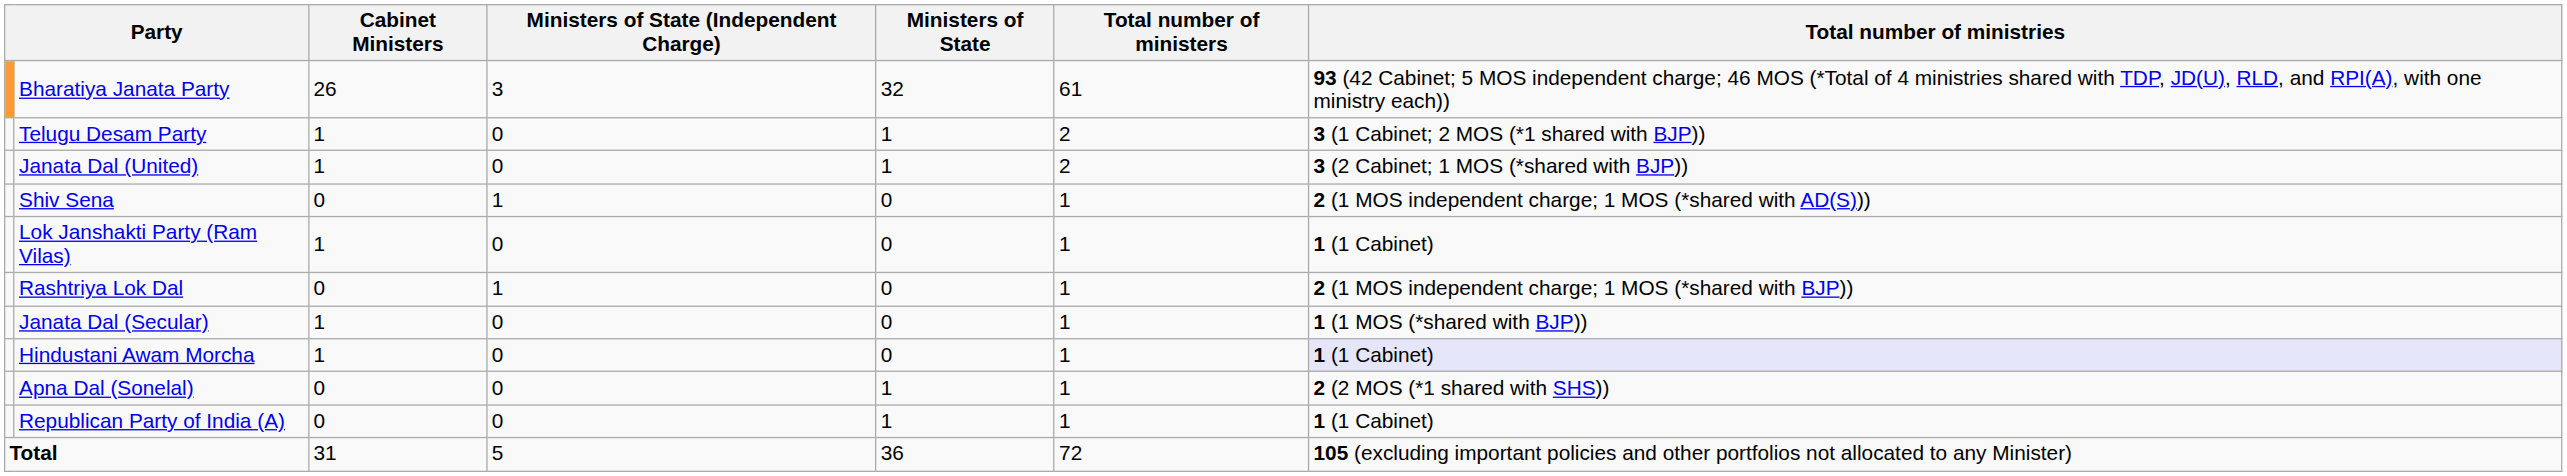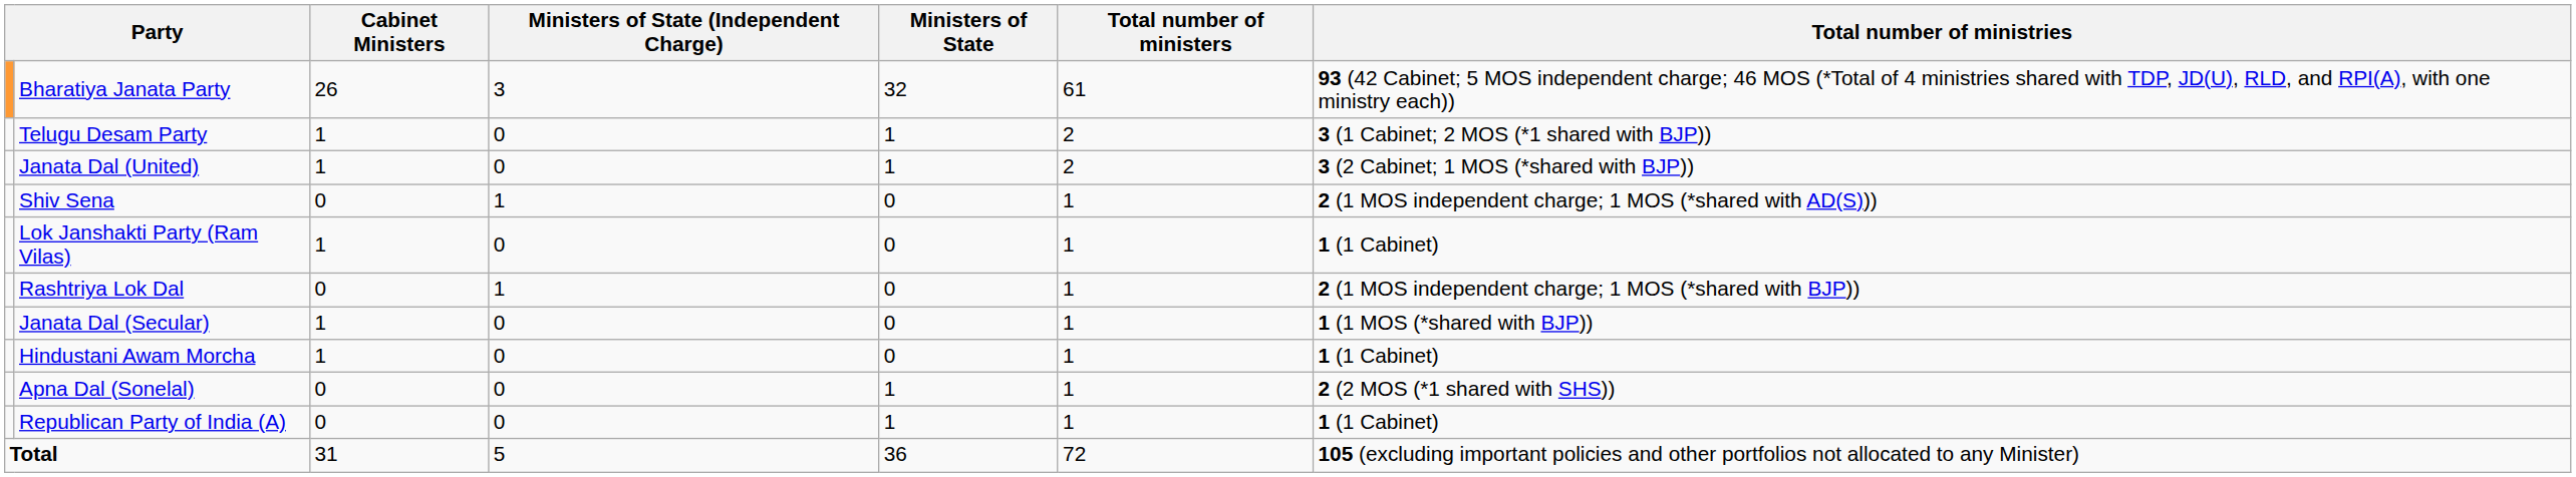 <table class="wikitable">
 <tr>
 <th Colspan=2>Party</th>
 <th>Cabinet Ministers</th>
 <th>Ministers of State (Independent Charge)</th>
 <th>Ministers of State</th>
 <th>Total number of ministers</th>
 <th>Total number of ministries</th>
 </tr>
 <tr>
 <td bgcolor=#FF9933></td>
 <td><a href='#'>Bharatiya Janata Party</a></td>
 <td>26</td>
 <td>3</td>
 <td>32</td>
 <td>61</td>
 <td><strong>93</strong> (42 Cabinet; 5 MOS independent charge; 46 MOS (*Total of 4 ministries shared with <a href='#'>TDP</a>, <a href='#'>JD(U)</a>, <a href='#'>RLD</a>, and <a href='#'>RPI(A)</a>, with one ministry each))</td>
 </tr>
 <tr>
 <td bgcolor=></td>
 <td><a href='#'>Telugu Desam Party</a></td>
 <td>1</td>
 <td>0</td>
 <td>1</td>
 <td>2</td>
 <td><strong>3</strong> (1 Cabinet; 2 MOS (*1 shared with <a href='#'>BJP</a>))</td>
 </tr>
 <tr>
 <td bgcolor=></td>
 <td><a href='#'>Janata Dal (United)</a></td>
 <td>1</td>
 <td>0</td>
 <td>1</td>
 <td>2</td>
 <td><strong>3</strong> (2 Cabinet; 1 MOS (*shared with <a href='#'>BJP</a>))</td>
 </tr>
 <tr>
 <td bgcolor=></td>
 <td><a href='#'>Shiv Sena</a></td>
 <td>0</td>
 <td>1</td>
 <td>0</td>
 <td>1</td>
 <td><strong>2</strong> (1 MOS independent charge; 1 MOS (*shared with <a href='#'>AD(S)</a>))</td>
 </tr>
 <tr>
 <td bgcolor=></td>
 <td><a href='#'>Lok Janshakti Party (Ram Vilas)</a></td>
 <td>1</td>
 <td>0</td>
 <td>0</td>
 <td>1</td>
 <td><strong>1</strong> (1 Cabinet)</td>
 </tr>
 <tr>
 <td bgcolor=></td>
 <td><a href='#'>Rashtriya Lok Dal</a></td>
 <td>0</td>
 <td>1</td>
 <td>0</td>
 <td>1</td>
 <td><strong>2</strong> (1 MOS independent charge; 1 MOS (*shared with <a href='#'>BJP</a>))</td>
 </tr>
 <tr>
 <td bgcolor=></td>
 <td><a href='#'>Janata Dal (Secular)</a></td>
 <td>1</td>
 <td>0</td>
 <td>0</td>
 <td>1</td>
 <td><strong>1</strong> (1 MOS (*shared with <a href='#'>BJP</a>))</td>
 </tr>
 <tr>
 <td bgcolor=></td>
 <td><a href='#'>Hindustani Awam Morcha</a></td>
 <td>1</td>
 <td>0</td>
 <td>0</td>
 <td>1</td>
-<td style="background: lavender;"><strong>1</strong> (1 Cabinet)</td>
+<td><strong>1</strong> (1 Cabinet)</td>
 </tr>
 <tr>
 <td bgcolor=></td>
 <td><a href='#'>Apna Dal (Sonelal)</a></td>
 <td>0</td>
 <td>0</td>
 <td>1</td>
 <td>1</td>
 <td><strong>2</strong> (2 MOS (*1 shared with <a href='#'>SHS</a>))</td>
 </tr>
 <tr>
 <td bgcolor=></td>
 <td><a href='#'>Republican Party of India (A)</a></td>
 <td>0</td>
 <td>0</td>
 <td>1</td>
 <td>1</td>
 <td><strong>1</strong> (1 Cabinet)</td>
 </tr>
 <tr>
 <td Colspan=2><strong>Total</strong></td>
 <td>31</td>
 <td>5</td>
 <td>36</td>
 <td>72</td>
 <td><strong>105</strong> (excluding important policies and other portfolios not allocated to any Minister)</td>
 </tr>
 </table>
